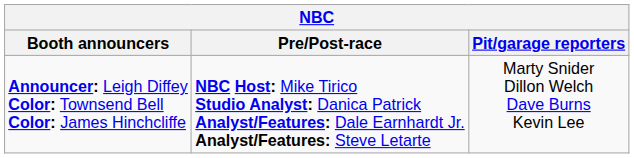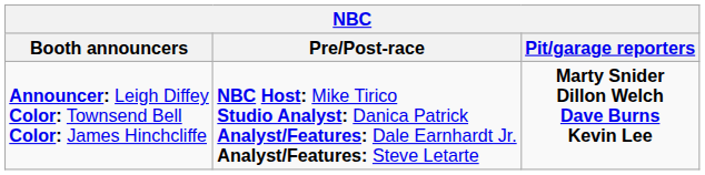 <table class="wikitable" style="font-size: 95%;">
 <tr>
 <th colspan=3><a href='#'>NBC</a></th>
 </tr>
 <tr>
 <th>Booth announcers</th>
 <th>Pre/Post-race</th>
 <th><a href='#'>Pit/garage reporters</a></th>
 </tr>
 <tr>
 <td valign="top"><br><strong><a href='#'>Announcer</a>:</strong> <a href='#'>Leigh Diffey</a><br> <strong><a href='#'>Color</a>:</strong> <a href='#'>Townsend Bell</a><br> <strong><a href='#'>Color</a>:</strong> <a href='#'>James Hinchcliffe</a></td>
 <td valign="top"><br><strong><a href='#'>NBC</a> <a href='#'>Host</a>:</strong> <a href='#'>Mike Tirico</a><br> <strong><a href='#'>Studio Analyst</a>:</strong> <a href='#'>Danica Patrick</a><br> <strong><a href='#'>Analyst/Features</a>:</strong> <a href='#'>Dale Earnhardt Jr.</a><br> <strong>Analyst/Features:</strong> <a href='#'>Steve Letarte</a></td>
-<td align="center" valign="top">Marty Snider<br>Dillon Welch<br><a href='#'>Dave Burns</a><br>Kevin Lee</td>
+<td align="center" valign="top"><strong>Marty Snider<br>Dillon Welch<br><a href='#'>Dave Burns</a><br>Kevin Lee</strong></td>
 </tr>
 </table>
